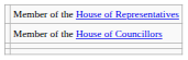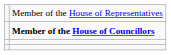 <table class=wikitable>
 <tr>
 <td></td>
 <td><small>Member of the <a href='#'>House of Representatives</a></small></td>
 </tr>
 <tr>
 <td></td>
-<td><small>Member of the <a href='#'>House of Councillors</a></small></td>
+<td><strong><small>Member of the <a href='#'>House of Councillors</a></small></strong></td>
 </tr>
 <tr>
 <td></td>
 <td></td>
 </tr>
 <tr>
 <td></td>
 <td></td>
 </tr>
 </table>
